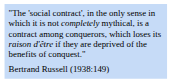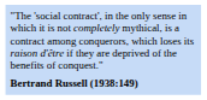 <table class="toccolours" style="float: right; margin-left: 1em; margin-right: 2em; font-size: 85%; background:#c6dbf7; color:black; width:30em; max-width: 40%;" cellspacing="5">
 <tr>
 <td style="text-align: left;">"The 'social contract', in the only sense in which it is not <em>completely</em> mythical, is a contract among conquerors, which loses its <em>raison d'être</em> if they are deprived of the benefits of conquest."</td>
 </tr>
 <tr>
-<td style="text-align: left;">Bertrand Russell (1938:149)</td>
+<td style="text-align: left;"><strong>Bertrand Russell (1938:149)</strong></td>
 </tr>
 </table>
